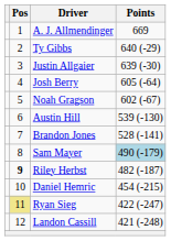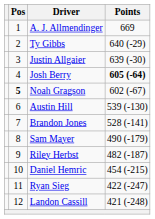 <table class="wikitable" style="font-size: 95%;">
 <tr>
 <th></th>
 <th>Pos</th>
 <th>Driver</th>
 <th>Points</th>
 </tr>
 <tr>
 <td align="left"></td>
 <td style="text-align:center;">1</td>
 <td><a href='#'>A. J. Allmendinger</a></td>
 <td style="text-align:center;">669</td>
 </tr>
 <tr>
 <td align="left"></td>
 <td style="text-align:center;">2</td>
 <td><a href='#'>Ty Gibbs</a></td>
 <td style="text-align:center;">640 (-29)</td>
 </tr>
 <tr>
 <td align="left"></td>
 <td style="text-align:center;">3</td>
 <td><a href='#'>Justin Allgaier</a></td>
 <td style="text-align:center;">639 (-30)</td>
 </tr>
 <tr>
 <td align="left"></td>
 <td style="text-align:center;">4</td>
 <td><a href='#'>Josh Berry</a></td>
-<td style="text-align:center;">605 (-64)</td>
+<td style="text-align:center;"><strong>605 (-64)</strong></td>
 </tr>
 <tr>
 <td align="left"></td>
-<td style="text-align:center;">5</td>
+<td style="text-align:center;"><strong>5</strong></td>
 <td><a href='#'>Noah Gragson</a></td>
 <td style="text-align:center;">602 (-67)</td>
 </tr>
 <tr>
 <td align="left"></td>
 <td style="text-align:center;">6</td>
 <td><a href='#'>Austin Hill</a></td>
 <td style="text-align:center;">539 (-130)</td>
 </tr>
 <tr>
 <td align="left"></td>
 <td style="text-align:center;">7</td>
 <td><a href='#'>Brandon Jones</a></td>
 <td style="text-align:center;">528 (-141)</td>
 </tr>
 <tr>
 <td align="left"></td>
 <td style="text-align:center;">8</td>
 <td><a href='#'>Sam Mayer</a></td>
-<td style="background: lightblue; text-align:center;">490 (-179)</td>
+<td style="text-align:center;">490 (-179)</td>
 </tr>
 <tr>
 <td align="left"></td>
-<td style="text-align:center;"><strong>9</strong></td>
+<td style="text-align:center;">9</td>
 <td><a href='#'>Riley Herbst</a></td>
 <td style="text-align:center;">482 (-187)</td>
 </tr>
 <tr>
 <td align="left"></td>
 <td style="text-align:center;">10</td>
 <td><a href='#'>Daniel Hemric</a></td>
 <td style="text-align:center;">454 (-215)</td>
 </tr>
 <tr>
 <td align="left"></td>
-<td style="background: khaki; text-align:center;">11</td>
+<td style="text-align:center;">11</td>
 <td><a href='#'>Ryan Sieg</a></td>
 <td style="text-align:center;">422 (-247)</td>
 </tr>
 <tr>
 <td align="left"></td>
 <td style="text-align:center;">12</td>
 <td><a href='#'>Landon Cassill</a></td>
 <td style="text-align:center;">421 (-248)</td>
 </tr>
 <tr class="sortbottom">
 <th colspan="9"></th>
 </tr>
 </table>
